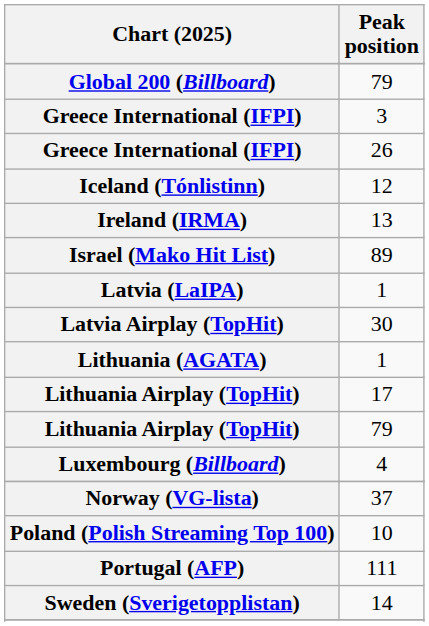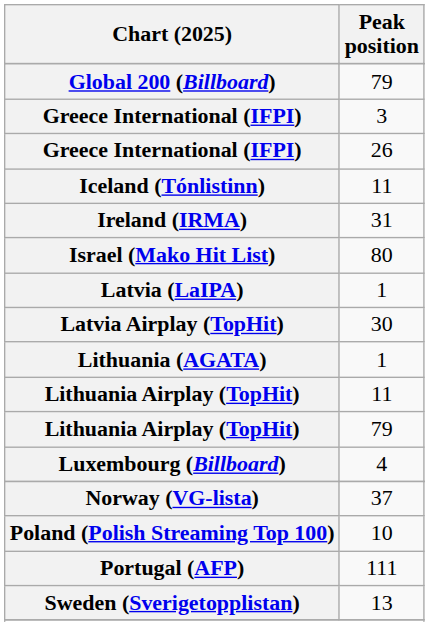 <table class="wikitable sortable plainrowheaders" style="text-align:center">
 <tr>
 <th scope="col">Chart (2025)</th>
 <th scope="col">Peak<br>position</th>
 </tr>
 <tr>
 </tr>
 <tr>
 </tr>
 <tr>
 </tr>
 <tr>
 <th scope="row"><a href='#'>Global 200</a> (<em><a href='#'>Billboard</a></em>)</th>
 <td>79</td>
 </tr>
 <tr>
 <th scope="row">Greece International (<a href='#'>IFPI</a>)</th>
 <td>3</td>
 </tr>
 <tr>
 <th scope="row">Greece International (<a href='#'>IFPI</a>)<br><em></em></th>
 <td>26</td>
 </tr>
 <tr>
 <th scope="row">Iceland (<a href='#'>Tónlistinn</a>)</th>
-<td>12</td>
+<td>11</td>
 </tr>
 <tr>
 <th scope="row">Ireland (<a href='#'>IRMA</a>)</th>
-<td>13</td>
+<td>31</td>
 </tr>
 <tr>
 <th scope="row">Israel (<a href='#'>Mako Hit List</a>)</th>
-<td>89</td>
+<td>80</td>
 </tr>
 <tr>
 <th scope="row">Latvia (<a href='#'>LaIPA</a>)</th>
 <td>1</td>
 </tr>
 <tr>
 <th scope="row">Latvia Airplay (<a href='#'>TopHit</a>)</th>
 <td>30</td>
 </tr>
 <tr>
 <th scope="row">Lithuania (<a href='#'>AGATA</a>)</th>
 <td>1</td>
 </tr>
 <tr>
 <th scope="row">Lithuania Airplay (<a href='#'>TopHit</a>)</th>
-<td>17</td>
+<td>11</td>
 </tr>
 <tr>
 <th scope="row">Lithuania Airplay (<a href='#'>TopHit</a>)<br><em></em></th>
 <td>79</td>
 </tr>
 <tr>
 <th scope="row">Luxembourg (<em><a href='#'>Billboard</a></em>)</th>
 <td>4</td>
 </tr>
 <tr>
 </tr>
 <tr>
 <th scope="row">Norway (<a href='#'>VG-lista</a>)</th>
 <td>37</td>
 </tr>
 <tr>
 <th scope="row">Poland (<a href='#'>Polish Streaming Top 100</a>)</th>
 <td>10</td>
 </tr>
 <tr>
 <th scope="row">Portugal (<a href='#'>AFP</a>)</th>
 <td>111</td>
 </tr>
 <tr>
 <th scope="row">Sweden (<a href='#'>Sverigetopplistan</a>)</th>
-<td>14</td>
+<td>13</td>
 </tr>
 <tr>
 </tr>
 <tr>
 </tr>
 <tr>
 </tr>
 <tr>
 </tr>
 </table>
